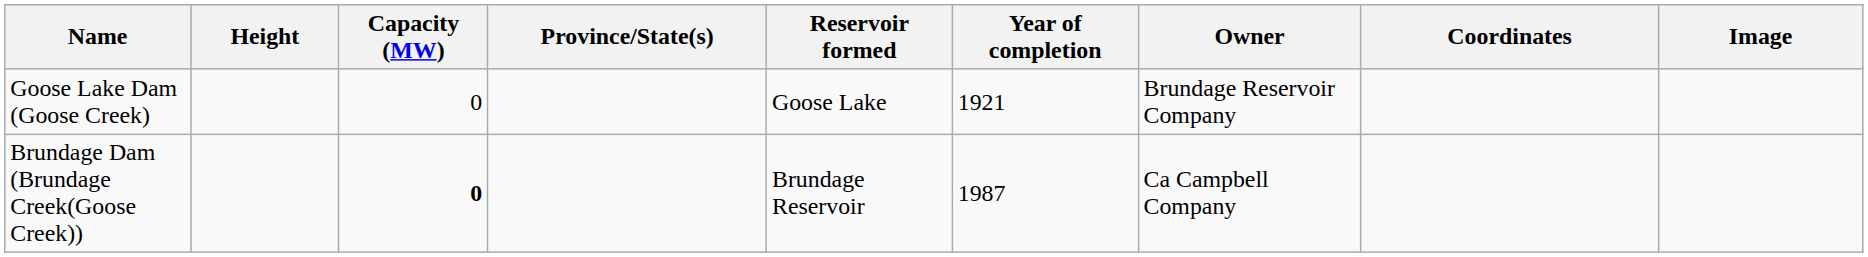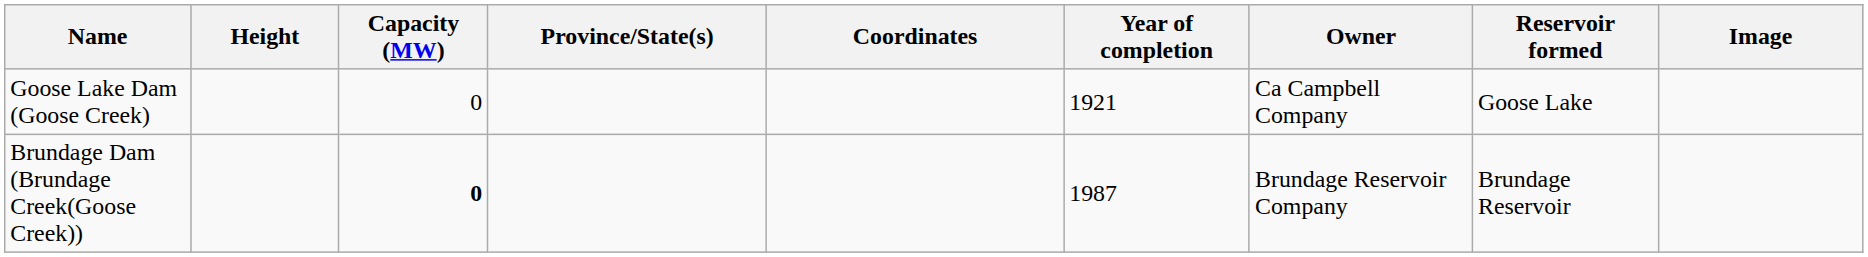 <table class="wikitable sortable" border="1">
 <tr>
 <th width="10%">Name</th>
 <th width="8%">Height</th>
 <th width="8%">Capacity (<a href='#'>MW</a>)</th>
 <th width="15%">Province/State(s)</th>
-<th width="10%">Reservoir formed</th>
+<th width="16%">Coordinates</th>
 <th width="10%">Year of completion</th>
 <th width="12%">Owner</th>
-<th width="16%">Coordinates</th>
+<th width="10%">Reservoir formed</th>
 <th>Image</th>
 </tr>
 <tr>
 <td>Goose Lake Dam (Goose Creek)</td>
 <td></td>
 <td align="right">0</td>
 <td></td>
+<td></td>
+<td>1921</td>
+<td>Ca Campbell Company</td>
 <td>Goose Lake</td>
-<td>1921</td>
-<td>Brundage Reservoir Company</td>
-<td></td>
 <td></td>
 </tr>
 <tr>
 <td>Brundage Dam (Brundage Creek(Goose Creek))</td>
 <td></td>
 <td align="right"><strong>0</strong></td>
 <td></td>
+<td></td>
+<td>1987</td>
+<td>Brundage Reservoir Company</td>
 <td>Brundage Reservoir</td>
-<td>1987</td>
-<td>Ca Campbell Company</td>
-<td></td>
 <td></td>
 </tr>
 </table>
